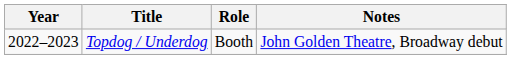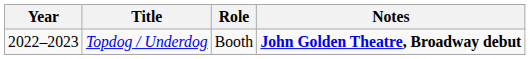 <table class="wikitable">
 <tr>
 <th>Year</th>
 <th>Title</th>
 <th>Role</th>
 <th>Notes</th>
 </tr>
 <tr>
 <td>2022–2023</td>
 <td><em><a href='#'>Topdog / Underdog</a></em></td>
 <td>Booth</td>
-<td><a href='#'>John Golden Theatre</a>, Broadway debut</td>
+<td><strong><a href='#'>John Golden Theatre</a>, Broadway debut</strong></td>
 </tr>
 <tr>
 </tr>
 </table>
